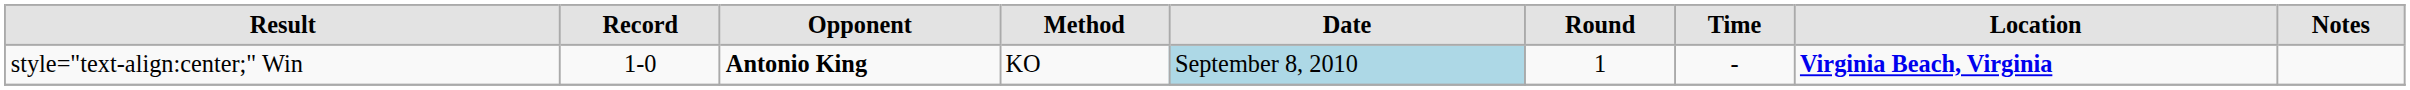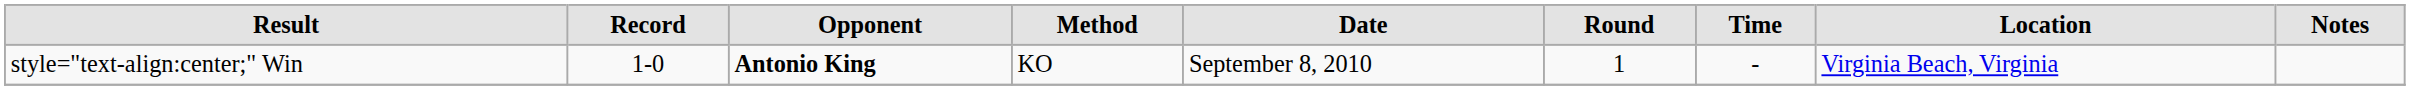 <table class="wikitable sortable" style="font-size:80%; text-align:left; width:100%;">
 <tr>
 <th style="border-style:none none solid solid; background:#e3e3e3;">Result</th>
 <th style="border-style:none none solid solid; background:#e3e3e3;">Record</th>
 <th style="border-style:none none solid solid; background:#e3e3e3;">Opponent</th>
 <th style="border-style:none none solid solid; background:#e3e3e3;">Method</th>
 <th style="border-style:none none solid solid; background:#e3e3e3;">Date</th>
 <th style="border-style:none none solid solid; background:#e3e3e3;">Round</th>
 <th style="border-style:none none solid solid; background:#e3e3e3;">Time</th>
 <th style="border-style:none none solid solid; background:#e3e3e3;">Location</th>
 <th style="border-style:none none solid solid; background:#e3e3e3;">Notes</th>
 </tr>
 <tr>
 <td>style="text-align:center;" Win</td>
 <td style="text-align:center;">1-0</td>
 <td align=left><strong>Antonio King</strong></td>
 <td align='left'>KO</td>
-<td align='left' style="background: lightblue;">September 8, 2010</td>
+<td align='left'>September 8, 2010</td>
 <td style="text-align:center;">1</td>
 <td style="text-align:center;">-</td>
-<td align='left'><strong><a href='#'>Virginia Beach, Virginia</a></strong></td>
+<td align='left'><a href='#'>Virginia Beach, Virginia</a></td>
 <td></td>
 </tr>
 <tr>
 </tr>
 </table>
